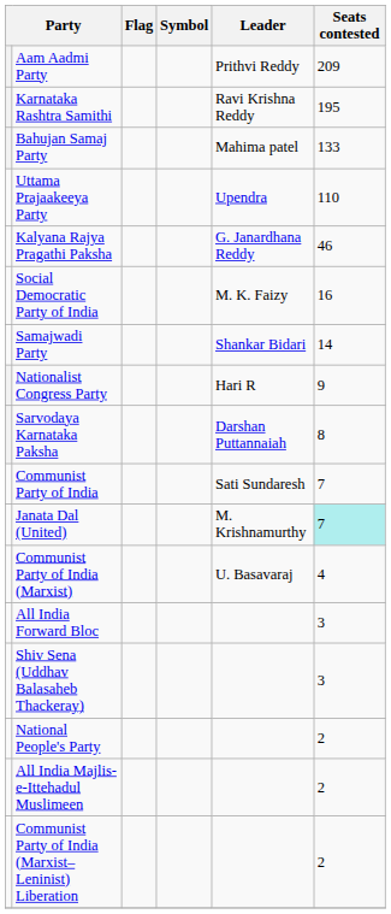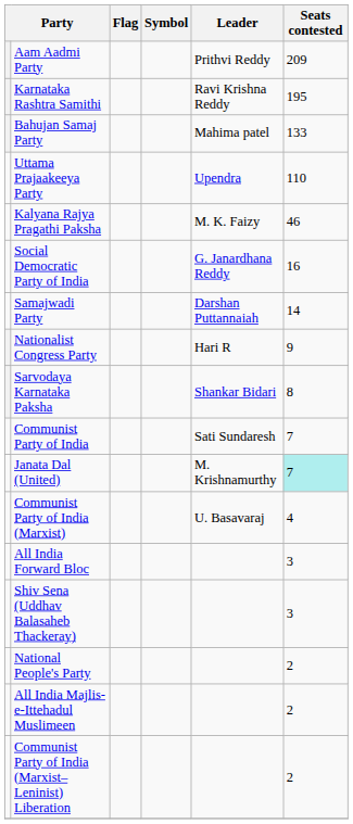 <table class="wikitable" width="65%">
 <tr>
 <th colspan="2">Party</th>
 <th>Flag</th>
 <th>Symbol</th>
 <th>Leader</th>
 <th>Seats contested</th>
 </tr>
 <tr>
 <th style="text-align:center;background:"></th>
 <td><a href='#'>Aam Aadmi Party</a></td>
 <td></td>
 <td></td>
 <td>Prithvi Reddy</td>
 <td>209</td>
 </tr>
 <tr>
 <th style="text-align:center; background:"></th>
 <td><a href='#'>Karnataka Rashtra Samithi</a></td>
 <td></td>
 <td></td>
 <td>Ravi Krishna Reddy</td>
 <td>195</td>
 </tr>
 <tr>
 <th style="text-align:center;background:"></th>
 <td><a href='#'>Bahujan Samaj Party</a></td>
 <td></td>
 <td></td>
 <td>Mahima patel</td>
 <td>133</td>
 </tr>
 <tr>
 <td style="text-align:center; background:"></td>
 <td><a href='#'>Uttama Prajaakeeya Party</a></td>
 <td></td>
 <td></td>
 <td><a href='#'>Upendra</a></td>
 <td>110</td>
 </tr>
 <tr>
 <td style="text-align:center; background:"></td>
 <td><a href='#'>Kalyana Rajya Pragathi Paksha</a></td>
 <td></td>
 <td></td>
-<td><a href='#'>G. Janardhana Reddy</a></td>
+<td>M. K. Faizy</td>
 <td>46</td>
 </tr>
 <tr>
 <td style="text-align:center; background:"></td>
 <td><a href='#'>Social Democratic Party of India</a></td>
 <td></td>
 <td></td>
-<td>M. K. Faizy</td>
+<td><a href='#'>G. Janardhana Reddy</a></td>
 <td>16</td>
 </tr>
 <tr>
 <td style="text-align:center; background:"></td>
 <td><a href='#'>Samajwadi Party</a></td>
 <td></td>
 <td></td>
-<td><a href='#'>Shankar Bidari</a></td>
+<td><a href='#'>Darshan Puttannaiah</a></td>
 <td>14</td>
 </tr>
 <tr>
 <th style="text-align:center; background:"></th>
 <td><a href='#'>Nationalist Congress Party</a></td>
 <td></td>
 <td></td>
 <td>Hari R</td>
 <td>9</td>
 </tr>
 <tr>
 <th style="text-align:center; background:"></th>
 <td><a href='#'>Sarvodaya Karnataka Paksha</a></td>
 <td></td>
 <td></td>
-<td><a href='#'>Darshan Puttannaiah</a></td>
+<td><a href='#'>Shankar Bidari</a></td>
 <td>8</td>
 </tr>
 <tr>
 <td style="text-align:center; background:"></td>
 <td><a href='#'>Communist Party of India</a></td>
 <td></td>
 <td></td>
 <td>Sati Sundaresh</td>
 <td>7</td>
 </tr>
 <tr>
 <td style="text-align:center; background:"></td>
 <td><a href='#'>Janata Dal (United)</a></td>
 <td></td>
 <td></td>
 <td>M. Krishnamurthy</td>
 <td style="background: paleturquoise;">7</td>
 </tr>
 <tr>
 <td style="text-align:center; background:"></td>
 <td><a href='#'>Communist Party of India (Marxist)</a></td>
 <td></td>
 <td></td>
 <td>U. Basavaraj</td>
 <td>4</td>
 </tr>
 <tr>
 <td style="text-align:center; background:"></td>
 <td><a href='#'>All India Forward Bloc</a></td>
 <td></td>
 <td></td>
 <td></td>
 <td>3</td>
 </tr>
 <tr>
 <td style="text-align:center; background:"></td>
 <td><a href='#'>Shiv Sena (Uddhav Balasaheb Thackeray)</a></td>
 <td></td>
 <td></td>
 <td></td>
 <td>3</td>
 </tr>
 <tr>
 <td style="text-align:center; background:"></td>
 <td><a href='#'>National People's Party</a></td>
 <td></td>
 <td></td>
 <td></td>
 <td>2</td>
 </tr>
 <tr>
 <td style="text-align:center; background:"></td>
 <td><a href='#'>All India Majlis-e-Ittehadul Muslimeen</a></td>
 <td></td>
 <td></td>
 <td></td>
 <td>2</td>
 </tr>
 <tr>
 <td style="text-align:center; background:"></td>
 <td><a href='#'>Communist Party of India (Marxist–Leninist) Liberation</a></td>
 <td></td>
 <td></td>
 <td></td>
 <td>2</td>
 </tr>
 <tr>
 </tr>
 </table>
